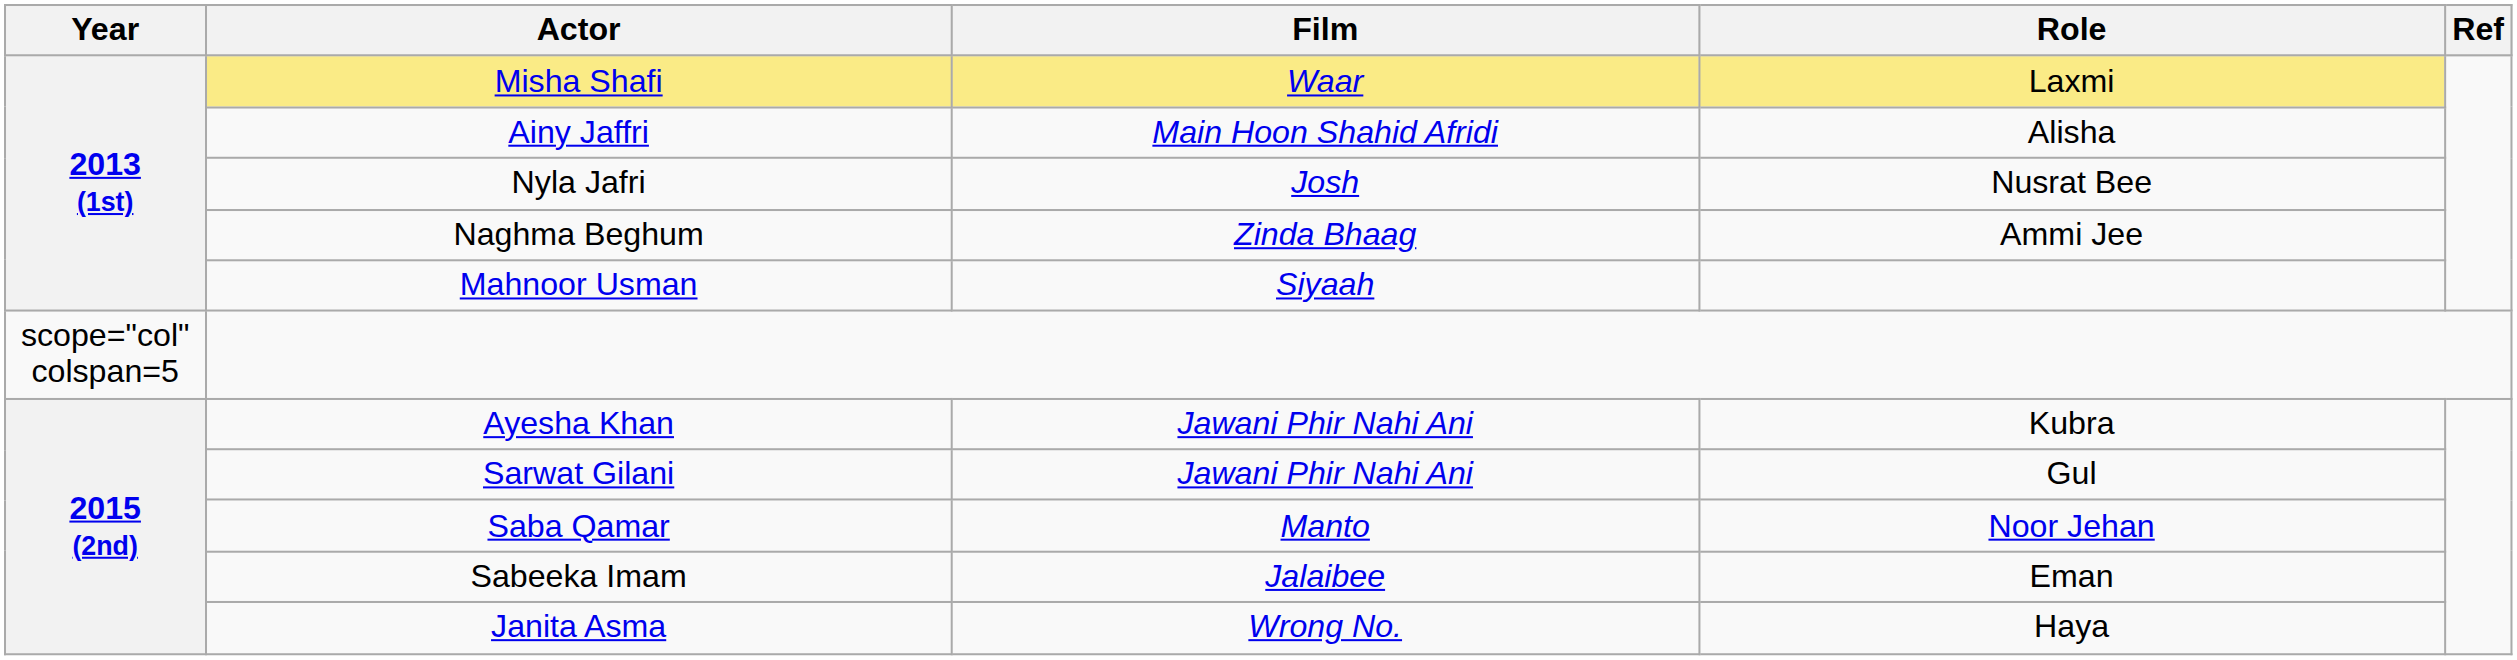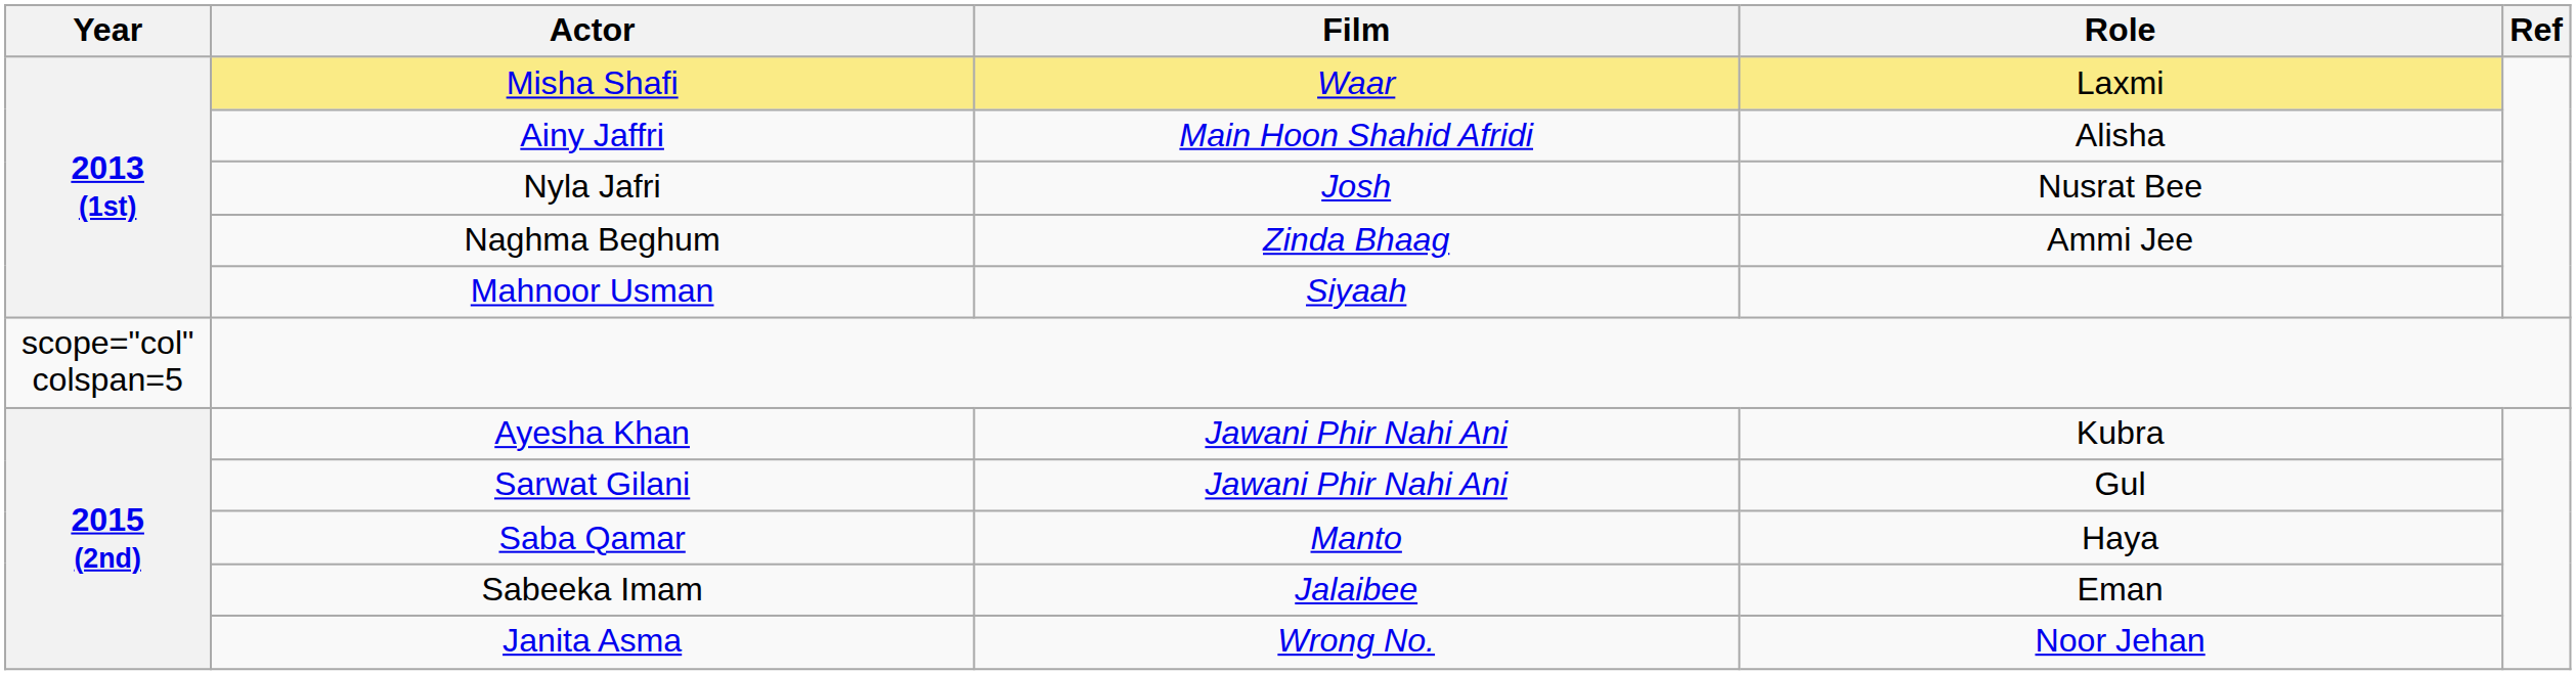 <table class="wikitable" style="text-align:center;">
 <tr style="background:#bebebe;">
 <th scope="col" style="width:8%;">Year</th>
 <th scope="col" style="width:30%;">Actor</th>
 <th scope="col" style="width:30%;">Film</th>
 <th scope="col" style="width:30%;">Role</th>
 <th scope="col" style="width:2%;">Ref</th>
 </tr>
 <tr>
 <th scope="row"  rowspan=5 style="text-align:center"><strong><a href='#'>2013</a></strong><br><small><a href='#'>(1st)</a></small></th>
 <td style="background:#FAEB86"><a href='#'>Misha Shafi</a></td>
 <td style="background:#FAEB86"><em><a href='#'>Waar</a></em></td>
 <td style="background:#FAEB86">Laxmi</td>
 <td rowspan=5></td>
 </tr>
 <tr>
 <td><a href='#'>Ainy Jaffri</a></td>
 <td><em><a href='#'>Main Hoon Shahid Afridi</a></em></td>
 <td>Alisha</td>
 </tr>
 <tr>
 <td>Nyla Jafri</td>
 <td><em><a href='#'>Josh</a></em></td>
 <td>Nusrat Bee</td>
 </tr>
 <tr>
 <td>Naghma Beghum</td>
 <td><em><a href='#'>Zinda Bhaag</a></em></td>
 <td>Ammi Jee</td>
 </tr>
 <tr>
 <td><a href='#'>Mahnoor Usman</a></td>
 <td><em><a href='#'>Siyaah</a></em></td>
 <td></td>
 </tr>
 <tr>
 <td>scope="col" colspan=5 </td>
 </tr>
 <tr>
 <th scope="row"  rowspan=6 style="text-align:center"><strong><a href='#'>2015</a></strong><br><small><a href='#'>(2nd)</a></small></th>
 <td><a href='#'>Ayesha Khan</a></td>
 <td><em><a href='#'>Jawani Phir Nahi Ani</a></em></td>
 <td>Kubra</td>
 <td rowspan=6></td>
 </tr>
 <tr>
 <td><a href='#'>Sarwat Gilani</a></td>
 <td><em><a href='#'>Jawani Phir Nahi Ani</a></em></td>
 <td>Gul</td>
 </tr>
 <tr>
 <td><a href='#'>Saba Qamar</a></td>
 <td><em><a href='#'>Manto</a></em></td>
-<td><a href='#'>Noor Jehan</a></td>
+<td>Haya</td>
 </tr>
 <tr>
 <td>Sabeeka Imam</td>
 <td><em><a href='#'>Jalaibee</a></em></td>
 <td>Eman</td>
 </tr>
 <tr>
 <td><a href='#'>Janita Asma</a></td>
 <td><em><a href='#'>Wrong No.</a></em></td>
-<td>Haya</td>
+<td><a href='#'>Noor Jehan</a></td>
 </tr>
 </table>
